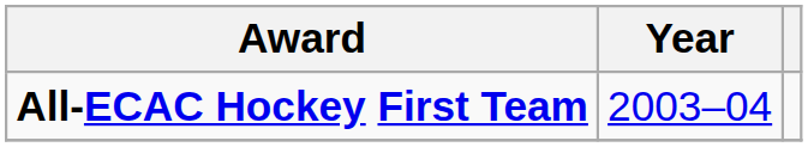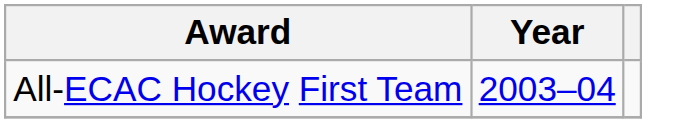 <table class="wikitable">
 <tr>
 <th>Award</th>
 <th>Year</th>
 <th></th>
 </tr>
 <tr>
-<td><strong>All-<a href='#'>ECAC Hockey</a> <a href='#'>First Team</a></strong></td>
+<td>All-<a href='#'>ECAC Hockey</a> <a href='#'>First Team</a></td>
 <td><a href='#'>2003–04</a></td>
 <td></td>
 </tr>
 <tr>
 </tr>
 </table>
